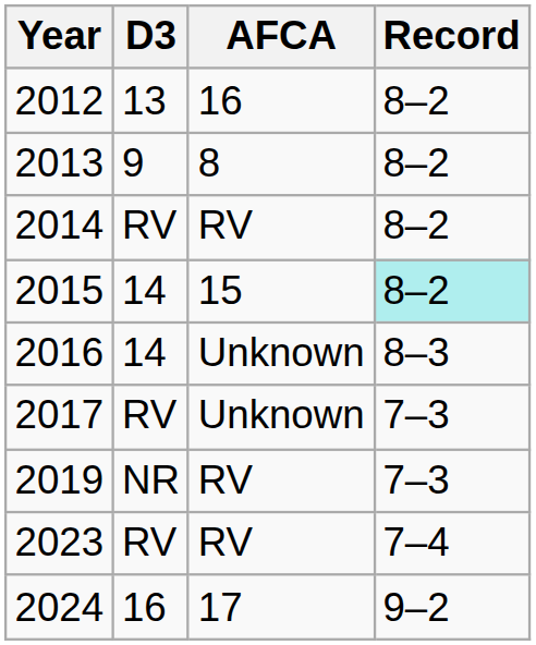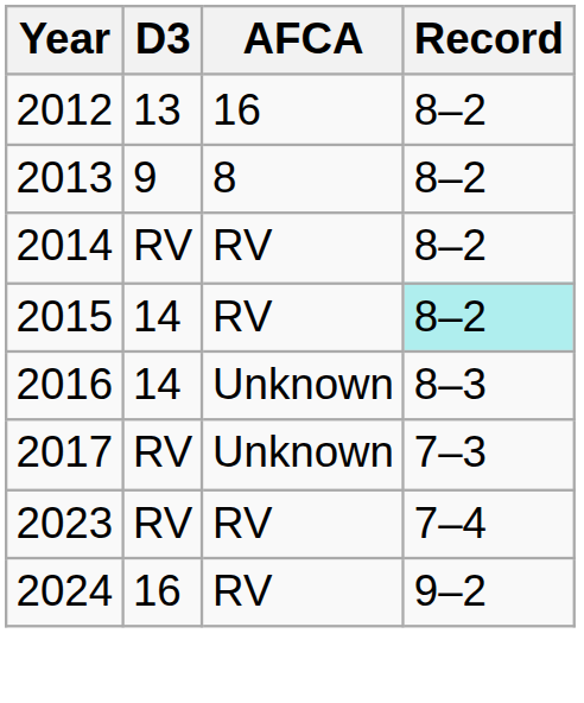 <table class="wikitable"; style= "text-align: ">
 <tr>
 <th width=px>Year</th>
 <th width=px>D3</th>
 <th width=px>AFCA</th>
 <th width=px>Record</th>
 </tr>
 <tr>
 <td>2012</td>
 <td>13</td>
 <td>16</td>
 <td>8–2</td>
 </tr>
 <tr>
 <td>2013</td>
 <td>9</td>
 <td>8</td>
 <td>8–2</td>
 </tr>
 <tr>
 <td>2014</td>
 <td>RV</td>
 <td>RV</td>
 <td>8–2</td>
 </tr>
 <tr>
 <td>2015</td>
 <td>14</td>
-<td>15</td>
+<td>RV</td>
 <td style="background: paleturquoise;">8–2</td>
 </tr>
 <tr>
 <td>2016</td>
 <td>14</td>
 <td>Unknown</td>
 <td>8–3</td>
 </tr>
 <tr>
 <td>2017</td>
 <td>RV</td>
 <td>Unknown</td>
 <td>7–3</td>
 </tr>
 <tr>
-<td>2019</td>
-<td>NR</td>
-<td>RV</td>
-<td>7–3</td>
-</tr>
-<tr>
 <td>2023</td>
 <td>RV</td>
 <td>RV</td>
 <td>7–4</td>
 </tr>
 <tr>
 <td>2024</td>
 <td>16</td>
-<td>17</td>
+<td>RV</td>
 <td>9–2</td>
 </tr>
 </table>
